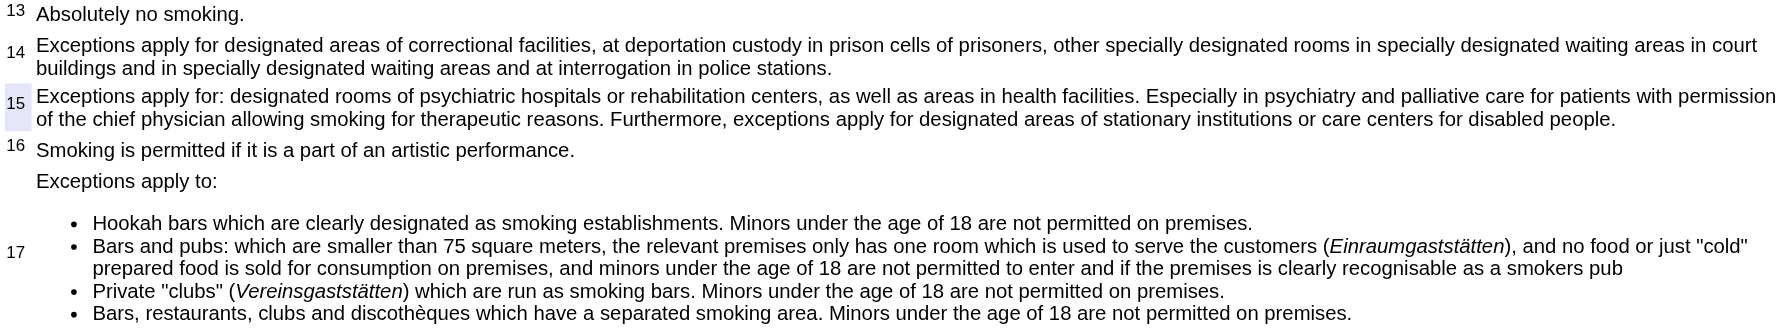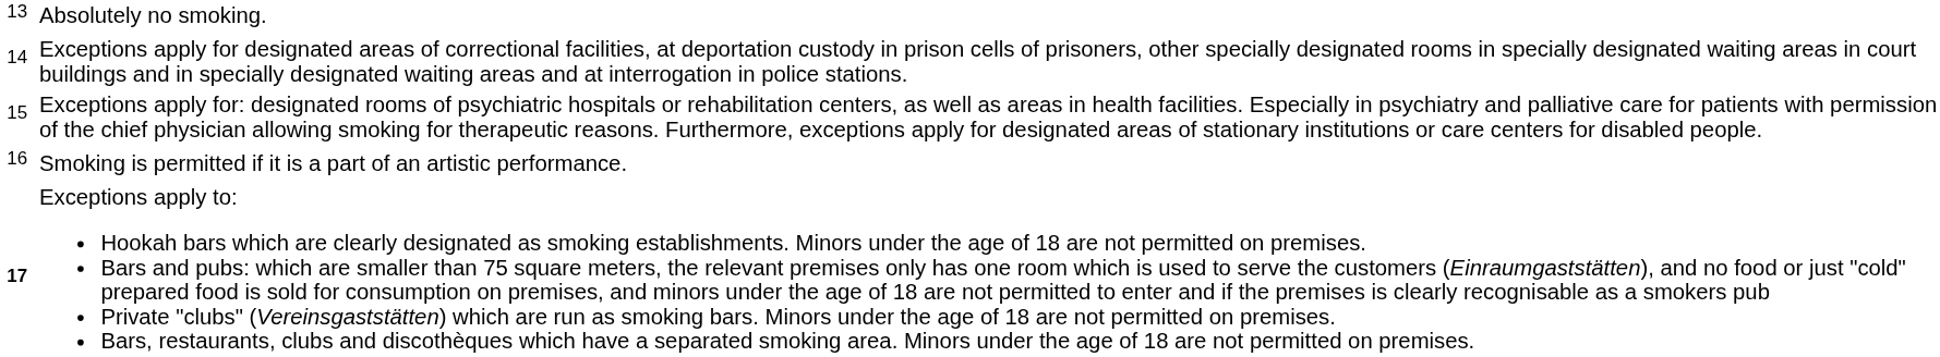 <table class="toptextcells" style="font-size: 90%;">
 <tr>
 <td style="text-align: right; padding-right: 0.33em"><sup>13</sup></td>
 <td>Absolutely no smoking.</td>
 </tr>
 <tr>
 <td style="text-align: right; padding-right: 0.33em"><sup>14</sup></td>
 <td>Exceptions apply for designated areas of correctional facilities, at deportation custody in prison cells of prisoners, other specially designated rooms in specially designated waiting areas in court buildings and in specially designated waiting areas and at interrogation in police stations.</td>
 </tr>
 <tr>
-<td style="background: lavender; text-align: right; padding-right: 0.33em"><sup>15</sup></td>
+<td style="text-align: right; padding-right: 0.33em"><sup>15</sup></td>
 <td>Exceptions apply for: designated rooms of psychiatric hospitals or rehabilitation centers, as well as areas in health facilities. Especially in psychiatry and palliative care for patients with permission of the chief physician allowing smoking for therapeutic reasons. Furthermore, exceptions apply for designated areas of stationary institutions or care centers for disabled people.</td>
 </tr>
 <tr>
 <td style="text-align: right; padding-right: 0.33em"><sup>16</sup></td>
 <td>Smoking is permitted if it is a part of an artistic performance.</td>
 </tr>
 <tr>
-<td style="text-align: right; padding-right: 0.33em"><sup>17</sup></td>
+<td style="text-align: right; padding-right: 0.33em"><strong><sup>17</sup></strong></td>
 <td>Exceptions apply to:<br><ul><li>Hookah bars which are clearly designated as smoking establishments. Minors under the age of 18 are not permitted on premises.</li><li>Bars and pubs: which are smaller than 75 square meters, the relevant premises only has one room which is used to serve the customers (<em>Einraumgaststätten</em>), and no food or just "cold" prepared food is sold for consumption on premises, and minors under the age of 18 are not permitted to enter and if the premises is clearly recognisable as a smokers pub</li><li>Private "clubs" (<em>Vereinsgaststätten</em>) which are run as smoking bars. Minors under the age of 18 are not permitted on premises.</li><li>Bars, restaurants, clubs and discothèques which have a separated smoking area. Minors under the age of 18 are not permitted on premises.</li></ul></td>
 </tr>
 </table>
